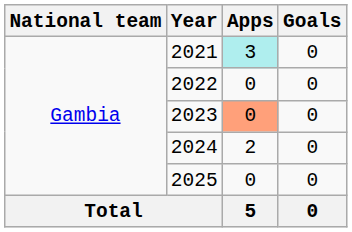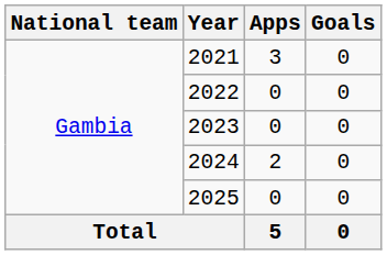 <table class="wikitable" style="text-align:center">
 <tr>
 <th>National team</th>
 <th>Year</th>
 <th>Apps</th>
 <th>Goals</th>
 </tr>
 <tr>
 <td rowspan="5"><a href='#'>Gambia</a></td>
 <td>2021</td>
-<td style="background: paleturquoise;">3</td>
+<td>3</td>
 <td>0</td>
 </tr>
 <tr>
 <td>2022</td>
 <td>0</td>
 <td>0</td>
 </tr>
 <tr>
 <td>2023</td>
-<td style="background: lightsalmon;">0</td>
+<td>0</td>
 <td>0</td>
 </tr>
 <tr>
 <td>2024</td>
 <td>2</td>
 <td>0</td>
 </tr>
 <tr>
 <td>2025</td>
 <td>0</td>
 <td>0</td>
 </tr>
 <tr>
 <th colspan="2">Total</th>
 <th>5</th>
 <th>0</th>
 </tr>
 </table>
